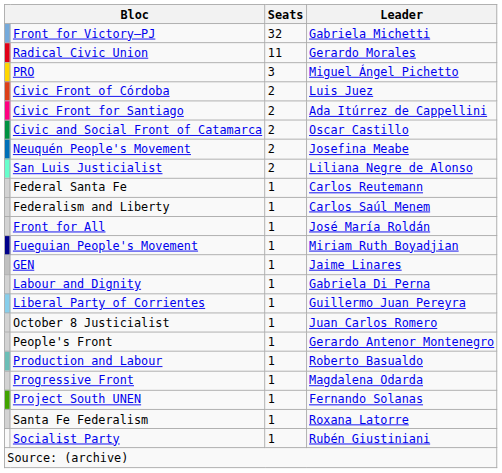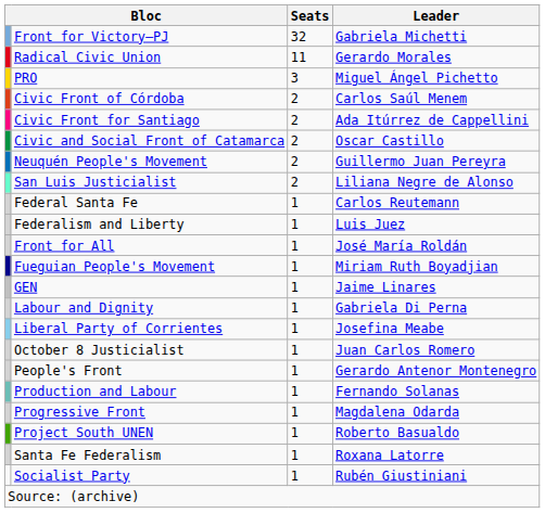 <table class="wikitable">
 <tr>
 <th colspan="2">Bloc</th>
 <th>Seats</th>
 <th>Leader</th>
 </tr>
 <tr>
 <td style="background-color: #75AADB"></td>
 <td><a href='#'>Front for Victory–PJ</a></td>
 <td>32</td>
 <td><a href='#'>Gabriela Michetti</a></td>
 </tr>
 <tr>
 <td style="background-color: #E10019"></td>
 <td><a href='#'>Radical Civic Union</a></td>
 <td>11</td>
 <td><a href='#'>Gerardo Morales</a></td>
 </tr>
 <tr>
 <td style="background-color: #FFD700"></td>
 <td><a href='#'>PRO</a></td>
 <td>3</td>
 <td><a href='#'>Miguel Ángel Pichetto</a></td>
 </tr>
 <tr>
 <td style="background-color: #dd3f18"></td>
 <td><a href='#'>Civic Front of Córdoba</a></td>
 <td>2</td>
-<td><a href='#'>Luis Juez</a></td>
+<td><a href='#'>Carlos Saúl Menem</a></td>
 </tr>
 <tr>
 <td style="background-color: #FF0080"></td>
 <td><a href='#'>Civic Front for Santiago</a></td>
 <td>2</td>
 <td><a href='#'>Ada Itúrrez de Cappellini</a></td>
 </tr>
 <tr>
 <td style="background-color: #009241"></td>
 <td><a href='#'>Civic and Social Front of Catamarca</a></td>
 <td>2</td>
 <td><a href='#'>Oscar Castillo</a></td>
 </tr>
 <tr>
 <td style="background-color: #0070b8"></td>
 <td><a href='#'>Neuquén People's Movement</a></td>
 <td>2</td>
-<td><a href='#'>Josefina Meabe</a></td>
+<td><a href='#'>Guillermo Juan Pereyra</a></td>
 </tr>
 <tr>
 <td style="background-color: #66FFCC"></td>
 <td><a href='#'>San Luis Justicialist</a></td>
 <td>2</td>
 <td><a href='#'>Liliana Negre de Alonso</a></td>
 </tr>
 <tr>
 <td style="background-color: #D3D3D3"></td>
 <td>Federal Santa Fe</td>
 <td>1</td>
 <td><a href='#'>Carlos Reutemann</a></td>
 </tr>
 <tr>
 <td style="background-color: #D3D3D3"></td>
 <td>Federalism and Liberty</td>
 <td>1</td>
-<td><a href='#'>Carlos Saúl Menem</a></td>
+<td><a href='#'>Luis Juez</a></td>
 </tr>
 <tr>
 <td style="background-color: #D3D3D3"></td>
 <td><a href='#'>Front for All</a></td>
 <td>1</td>
 <td><a href='#'>José María Roldán</a></td>
 </tr>
 <tr>
 <td style="background-color: #00008B"></td>
 <td><a href='#'>Fueguian People's Movement</a></td>
 <td>1</td>
 <td><a href='#'>Miriam Ruth Boyadjian</a></td>
 </tr>
 <tr>
 <td style="background-color: #C0C0C0"></td>
 <td><a href='#'>GEN</a></td>
 <td>1</td>
 <td><a href='#'>Jaime Linares</a></td>
 </tr>
 <tr>
 <td style="background-color: #D3D3D3"></td>
 <td><a href='#'>Labour and Dignity</a></td>
 <td>1</td>
 <td><a href='#'>Gabriela Di Perna</a></td>
 </tr>
 <tr>
 <td style="background-color: skyblue"></td>
 <td><a href='#'>Liberal Party of Corrientes</a></td>
 <td>1</td>
-<td><a href='#'>Guillermo Juan Pereyra</a></td>
+<td><a href='#'>Josefina Meabe</a></td>
 </tr>
 <tr>
 <td style="background-color: #D3D3D3"></td>
 <td>October 8 Justicialist</td>
 <td>1</td>
 <td><a href='#'>Juan Carlos Romero</a></td>
 </tr>
 <tr>
 <td style="background-color: #D3D3D3"></td>
 <td>People's Front</td>
 <td>1</td>
 <td><a href='#'>Gerardo Antenor Montenegro</a></td>
 </tr>
 <tr>
 <td style="background-color: #6bbeb6"></td>
 <td><a href='#'>Production and Labour</a></td>
 <td>1</td>
-<td><a href='#'>Roberto Basualdo</a></td>
+<td><a href='#'>Fernando Solanas</a></td>
 </tr>
 <tr>
 <td style="background-color: #D3D3D3"></td>
 <td><a href='#'>Progressive Front</a></td>
 <td>1</td>
 <td><a href='#'>Magdalena Odarda</a></td>
 </tr>
 <tr>
 <td style="background-color: #41A400"></td>
 <td><a href='#'>Project South UNEN</a></td>
 <td>1</td>
-<td><a href='#'>Fernando Solanas</a></td>
+<td><a href='#'>Roberto Basualdo</a></td>
 </tr>
 <tr>
 <td style="background-color: #D3D3D3"></td>
 <td>Santa Fe Federalism</td>
 <td>1</td>
 <td><a href='#'>Roxana Latorre</a></td>
 </tr>
 <tr>
 <td style="background-color: "></td>
 <td><a href='#'>Socialist Party</a></td>
 <td>1</td>
 <td><a href='#'>Rubén Giustiniani</a></td>
 </tr>
 <tr>
 <td colspan=4>Source:  (archive)</td>
 </tr>
 </table>
